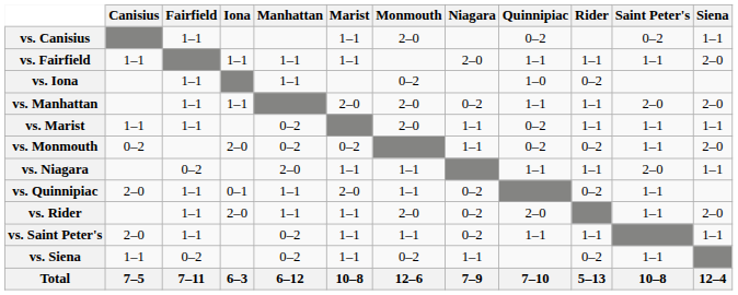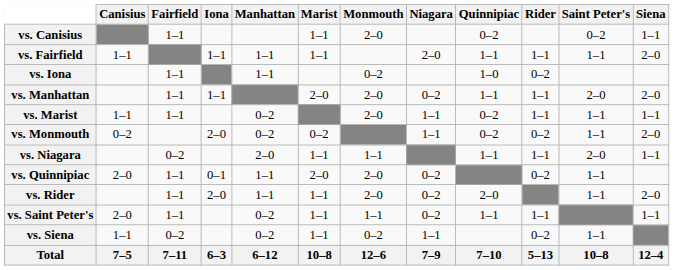 <table class="wikitable" style="white-space:nowrap;">
 <tr>
 <th colspan=1 style="background:white; border-top-style:hidden; border-left-style:hidden;"   width=75> </th>
 <th>Canisius</th>
 <th>Fairfield</th>
 <th>Iona</th>
 <th>Manhattan</th>
 <th>Marist</th>
 <th>Monmouth</th>
 <th>Niagara</th>
 <th>Quinnipiac</th>
 <th>Rider</th>
 <th>Saint Peter's</th>
 <th>Siena</th>
 </tr>
 <tr style="text-align:center;">
 <th>vs. Canisius</th>
 <td style="background:#848482;"></td>
 <td>1–1</td>
 <td></td>
 <td></td>
 <td>1–1</td>
 <td>2–0</td>
 <td></td>
 <td>0–2</td>
 <td></td>
 <td>0–2</td>
 <td>1–1</td>
 </tr>
 <tr style="text-align:center;">
 <th>vs. Fairfield</th>
 <td>1–1</td>
 <td style="background:#848482;"></td>
 <td>1–1</td>
 <td>1–1</td>
 <td>1–1</td>
 <td></td>
 <td>2–0</td>
 <td>1–1</td>
 <td>1–1</td>
 <td>1–1</td>
 <td>2–0</td>
 </tr>
 <tr style="text-align:center;">
 <th>vs. Iona</th>
 <td></td>
 <td>1–1</td>
 <td style="background:#848482;"></td>
 <td>1–1</td>
 <td></td>
 <td>0–2</td>
 <td></td>
 <td>1–0</td>
 <td>0–2</td>
 <td></td>
 <td></td>
 </tr>
 <tr style="text-align:center;">
 <th>vs. Manhattan</th>
 <td></td>
 <td>1–1</td>
 <td>1–1</td>
 <td style="background:#848482;"></td>
 <td>2–0</td>
 <td>2–0</td>
 <td>0–2</td>
 <td>1–1</td>
 <td>1–1</td>
 <td>2–0</td>
 <td>2–0</td>
 </tr>
 <tr style="text-align:center;">
 <th>vs. Marist</th>
 <td>1–1</td>
 <td>1–1</td>
 <td></td>
 <td>0–2</td>
 <td style="background:#848482;"></td>
 <td>2–0</td>
 <td>1–1</td>
 <td>0–2</td>
 <td>1–1</td>
 <td>1–1</td>
 <td>1–1</td>
 </tr>
 <tr style="text-align:center;">
 <th>vs. Monmouth</th>
 <td>0–2</td>
 <td></td>
 <td>2–0</td>
 <td>0–2</td>
 <td>0–2</td>
 <td style="background:#848482;"></td>
 <td>1–1</td>
 <td>0–2</td>
 <td>0–2</td>
 <td>1–1</td>
 <td>2–0</td>
 </tr>
 <tr style="text-align:center;">
 <th>vs. Niagara</th>
 <td></td>
 <td>0–2</td>
 <td></td>
 <td>2–0</td>
 <td>1–1</td>
 <td>1–1</td>
 <td style="background:#848482;"></td>
 <td>1–1</td>
 <td>1–1</td>
 <td>2–0</td>
 <td>1–1</td>
 </tr>
 <tr style="text-align:center;">
 <th>vs. Quinnipiac</th>
 <td>2–0</td>
 <td>1–1</td>
 <td>0–1</td>
 <td>1–1</td>
 <td>2–0</td>
-<td>1–1</td>
+<td>2–0</td>
 <td>0–2</td>
 <td style="background:#848482;"></td>
 <td>0–2</td>
 <td>1–1</td>
 <td></td>
 </tr>
 <tr style="text-align:center;">
 <th>vs. Rider</th>
 <td></td>
 <td>1–1</td>
 <td>2–0</td>
 <td>1–1</td>
 <td>1–1</td>
 <td>2–0</td>
 <td>0–2</td>
 <td>2–0</td>
 <td style="background:#848482;"></td>
 <td>1–1</td>
 <td>2–0</td>
 </tr>
 <tr style="text-align:center;">
 <th>vs. Saint Peter's</th>
 <td>2–0</td>
 <td>1–1</td>
 <td></td>
 <td>0–2</td>
 <td>1–1</td>
 <td>1–1</td>
 <td>0–2</td>
 <td>1–1</td>
 <td>1–1</td>
 <td style="background:#848482;"></td>
 <td>1–1</td>
 </tr>
 <tr style="text-align:center;">
 <th>vs. Siena</th>
 <td>1–1</td>
 <td>0–2</td>
 <td></td>
 <td>0–2</td>
 <td>1–1</td>
 <td>0–2</td>
 <td>1–1</td>
 <td></td>
 <td>0–2</td>
 <td>1–1</td>
 <td style="background:#848482;"></td>
 </tr>
 <tr style="text-align:center;">
 <th>Total</th>
 <th>7–5</th>
 <th>7–11</th>
 <th>6–3</th>
 <th>6–12</th>
 <th>10–8</th>
 <th>12–6</th>
 <th>7–9</th>
 <th>7–10</th>
 <th>5–13</th>
 <th>10–8</th>
 <th>12–4</th>
 </tr>
 </table>
